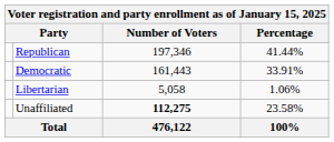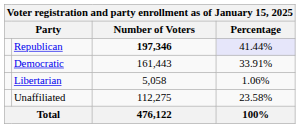 <table class=wikitable>
 <tr>
 <th colspan="5">Voter registration and party enrollment as of January 15, 2025</th>
 </tr>
 <tr>
 <th colspan = 2>Party</th>
 <th>Number of Voters</th>
 <th>Percentage</th>
 </tr>
 <tr>
 <td></td>
 <td><a href='#'>Republican</a></td>
-<td align = center>197,346</td>
-<td align = center>41.44%</td>
+<td align = center><strong>197,346</strong></td>
+<td align = center style="background: lavender;">41.44%</td>
 </tr>
 <tr>
 <td></td>
 <td><a href='#'>Democratic</a></td>
 <td align = center>161,443</td>
 <td align = center>33.91%</td>
 </tr>
 <tr>
 <td></td>
 <td><a href='#'>Libertarian</a></td>
 <td align = center>5,058</td>
 <td align = center>1.06%</td>
 </tr>
 <tr>
 <td></td>
 <td>Unaffiliated</td>
-<td align = center><strong>112,275</strong></td>
+<td align = center>112,275</td>
 <td align = center>23.58%</td>
 </tr>
 <tr>
 <th colspan = 2>Total</th>
 <th align = center>476,122</th>
 <th align = center>100%</th>
 </tr>
 </table>
